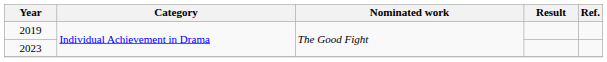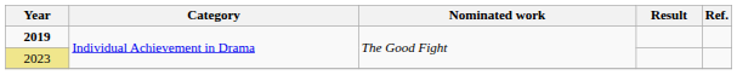 <table class=wikitable>
 <tr>
 <th scope="col" style="width:5em;">Year</th>
 <th scope="col" style="width:26em;">Category</th>
 <th scope="col" style="width:25em;">Nominated work</th>
 <th scope="col" style="width:5em;">Result</th>
 <th>Ref.</th>
 </tr>
 <tr>
-<td style="text-align:center;">2019</td>
+<td style="text-align:center;"><strong>2019</strong></td>
 <td rowspan=2><a href='#'>Individual Achievement in Drama</a></td>
 <td rowspan="2"><em>The Good Fight</em></td>
 <td></td>
 <td></td>
 </tr>
 <tr>
-<td style="text-align:center;">2023</td>
+<td style="background: khaki; text-align:center;">2023</td>
 <td></td>
 <td></td>
 </tr>
 <tr>
 </tr>
 </table>
